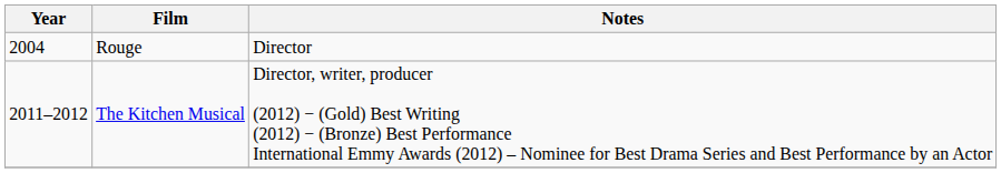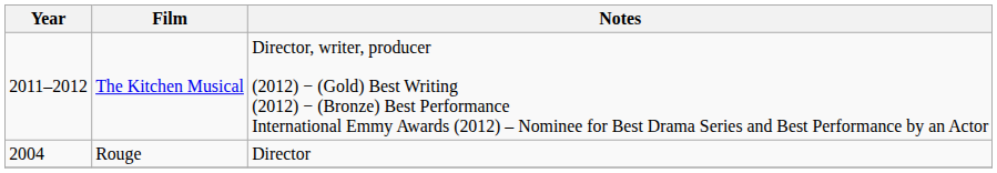 <table class="wikitable">
 <tr>
 <th>Year</th>
 <th>Film</th>
 <th>Notes</th>
 </tr>
 <tr>
+<td>2011–2012</td>
+<td><a href='#'>The Kitchen Musical</a></td>
+<td>Director, writer, producer<br><br> (2012) − (Gold) Best Writing<br>  (2012) − (Bronze) Best Performance<br> International Emmy Awards (2012)  – Nominee for Best Drama Series and Best Performance by an Actor <br></td>
+</tr>
+<tr>
 <td>2004</td>
 <td>Rouge</td>
 <td>Director</td>
 </tr>
 <tr>
-<td>2011–2012</td>
-<td><a href='#'>The Kitchen Musical</a></td>
-<td>Director, writer, producer<br><br> (2012) − (Gold) Best Writing<br>  (2012) − (Bronze) Best Performance<br> International Emmy Awards (2012)  – Nominee for Best Drama Series and Best Performance by an Actor <br></td>
-</tr>
-<tr>
 </tr>
 </table>
